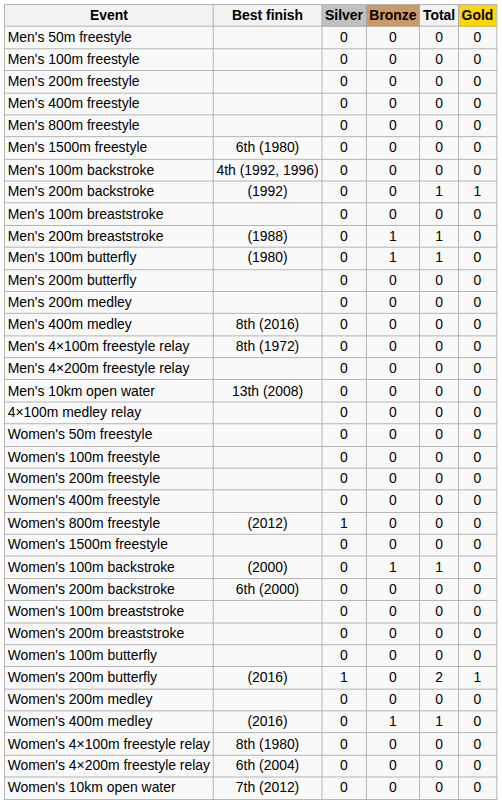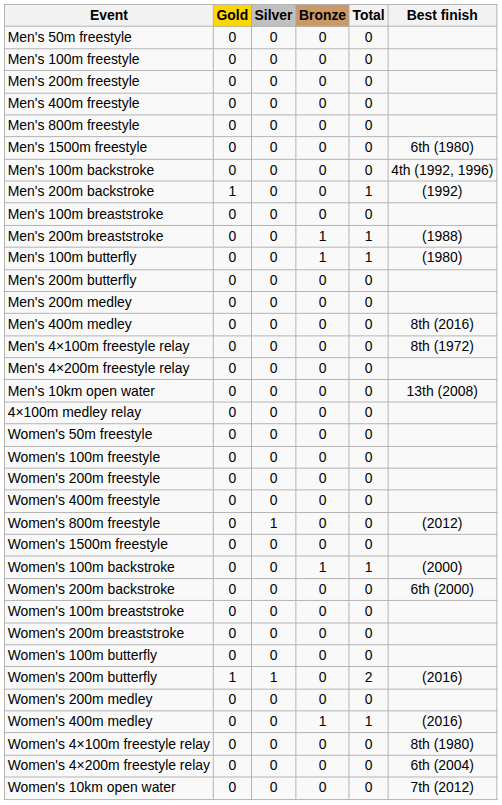 <table class="wikitable sortable" style="text-align:center">
 <tr>
 <th>Event</th>
-<th>Best finish</th>
+<th style="background-color:gold;">Gold</th>
 <th style="background-color:silver;">Silver</th>
 <th style="background-color:#c96;">Bronze</th>
 <th>Total</th>
-<th style="background-color:gold;">Gold</th>
+<th>Best finish</th>
 </tr>
 <tr>
 <td align=left>Men's 50m freestyle</td>
-<td></td>
 <td>0</td>
 <td>0</td>
 <td>0</td>
 <td>0</td>
+<td></td>
 </tr>
 <tr>
 <td align=left>Men's 100m freestyle</td>
-<td></td>
 <td>0</td>
 <td>0</td>
 <td>0</td>
 <td>0</td>
+<td></td>
 </tr>
 <tr>
 <td align=left>Men's 200m freestyle</td>
-<td></td>
 <td>0</td>
 <td>0</td>
 <td>0</td>
 <td>0</td>
+<td></td>
 </tr>
 <tr>
 <td align=left>Men's 400m freestyle</td>
-<td></td>
 <td>0</td>
 <td>0</td>
 <td>0</td>
 <td>0</td>
+<td></td>
 </tr>
 <tr>
 <td align=left>Men's 800m freestyle</td>
-<td></td>
 <td>0</td>
 <td>0</td>
 <td>0</td>
 <td>0</td>
+<td></td>
 </tr>
 <tr>
 <td align=left>Men's 1500m freestyle</td>
-<td>6th (1980)</td>
 <td>0</td>
 <td>0</td>
 <td>0</td>
 <td>0</td>
+<td>6th (1980)</td>
 </tr>
 <tr>
 <td align=left>Men's 100m backstroke</td>
-<td>4th (1992, 1996)</td>
 <td>0</td>
 <td>0</td>
 <td>0</td>
 <td>0</td>
+<td>4th (1992, 1996)</td>
 </tr>
 <tr>
 <td align=left>Men's 200m backstroke</td>
+<td>1</td>
+<td>0</td>
+<td>0</td>
+<td>1</td>
 <td> (1992)</td>
+</tr>
+<tr>
+<td align=left>Men's 100m breaststroke</td>
+<td>0</td>
+<td>0</td>
+<td>0</td>
+<td>0</td>
+<td></td>
+</tr>
+<tr>
+<td align=left>Men's 200m breaststroke</td>
 <td>0</td>
 <td>0</td>
 <td>1</td>
 <td>1</td>
+<td> (1988)</td>
 </tr>
 <tr>
-<td align=left>Men's 100m breaststroke</td>
-<td></td>
+<td align=left>Men's 100m butterfly</td>
+<td>0</td>
+<td>0</td>
+<td>1</td>
+<td>1</td>
+<td> (1980)</td>
+</tr>
+<tr>
+<td align=left>Men's 200m butterfly</td>
 <td>0</td>
 <td>0</td>
 <td>0</td>
 <td>0</td>
+<td></td>
 </tr>
 <tr>
-<td align=left>Men's 200m breaststroke</td>
-<td> (1988)</td>
-<td>0</td>
-<td>1</td>
-<td>1</td>
-<td>0</td>
-</tr>
-<tr>
-<td align=left>Men's 100m butterfly</td>
-<td> (1980)</td>
-<td>0</td>
-<td>1</td>
-<td>1</td>
-<td>0</td>
-</tr>
-<tr>
-<td align=left>Men's 200m butterfly</td>
-<td></td>
+<td align=left>Men's 200m medley</td>
 <td>0</td>
 <td>0</td>
 <td>0</td>
 <td>0</td>
+<td></td>
 </tr>
 <tr>
-<td align=left>Men's 200m medley</td>
-<td></td>
+<td align=left>Men's 400m medley</td>
 <td>0</td>
 <td>0</td>
 <td>0</td>
 <td>0</td>
+<td>8th (2016)</td>
 </tr>
 <tr>
-<td align=left>Men's 400m medley</td>
-<td>8th (2016)</td>
+<td align=left>Men's 4×100m freestyle relay</td>
 <td>0</td>
 <td>0</td>
 <td>0</td>
 <td>0</td>
+<td>8th (1972)</td>
 </tr>
 <tr>
-<td align=left>Men's 4×100m freestyle relay</td>
-<td>8th (1972)</td>
+<td align=left>Men's  4×200m freestyle relay</td>
 <td>0</td>
 <td>0</td>
 <td>0</td>
 <td>0</td>
+<td></td>
 </tr>
 <tr>
-<td align=left>Men's  4×200m freestyle relay</td>
-<td></td>
+<td align=left>Men's 10km open water</td>
 <td>0</td>
 <td>0</td>
 <td>0</td>
 <td>0</td>
+<td>13th (2008)</td>
 </tr>
 <tr>
-<td align=left>Men's 10km open water</td>
-<td>13th (2008)</td>
+<td align=left>4×100m medley relay</td>
 <td>0</td>
 <td>0</td>
 <td>0</td>
 <td>0</td>
+<td></td>
 </tr>
 <tr>
-<td align=left>4×100m medley relay</td>
-<td></td>
+<td align=left>Women's 50m freestyle</td>
 <td>0</td>
 <td>0</td>
 <td>0</td>
 <td>0</td>
+<td></td>
 </tr>
 <tr>
-<td align=left>Women's 50m freestyle</td>
-<td></td>
+<td align=left>Women's 100m freestyle</td>
 <td>0</td>
 <td>0</td>
 <td>0</td>
 <td>0</td>
+<td></td>
 </tr>
 <tr>
-<td align=left>Women's 100m freestyle</td>
-<td></td>
+<td align=left>Women's 200m freestyle</td>
 <td>0</td>
 <td>0</td>
 <td>0</td>
 <td>0</td>
+<td></td>
 </tr>
 <tr>
-<td align=left>Women's 200m freestyle</td>
-<td></td>
+<td align=left>Women's 400m freestyle</td>
 <td>0</td>
 <td>0</td>
 <td>0</td>
 <td>0</td>
+<td></td>
 </tr>
 <tr>
-<td align=left>Women's 400m freestyle</td>
-<td></td>
+<td align=left>Women's 800m freestyle</td>
+<td>0</td>
+<td>1</td>
+<td>0</td>
+<td>0</td>
+<td> (2012)</td>
+</tr>
+<tr>
+<td align=left>Women's 1500m freestyle</td>
 <td>0</td>
 <td>0</td>
 <td>0</td>
 <td>0</td>
+<td></td>
 </tr>
 <tr>
-<td align=left>Women's 800m freestyle</td>
-<td> (2012)</td>
-<td>1</td>
+<td align=left>Women's 100m backstroke</td>
 <td>0</td>
 <td>0</td>
-<td>0</td>
+<td>1</td>
+<td>1</td>
+<td> (2000)</td>
 </tr>
 <tr>
-<td align=left>Women's 1500m freestyle</td>
-<td></td>
+<td align=left>Women's 200m backstroke</td>
 <td>0</td>
 <td>0</td>
 <td>0</td>
 <td>0</td>
+<td>6th (2000)</td>
 </tr>
 <tr>
-<td align=left>Women's 100m backstroke</td>
-<td> (2000)</td>
-<td>0</td>
-<td>1</td>
-<td>1</td>
-<td>0</td>
-</tr>
-<tr>
-<td align=left>Women's 200m backstroke</td>
-<td>6th (2000)</td>
+<td align=left>Women's 100m breaststroke</td>
 <td>0</td>
 <td>0</td>
 <td>0</td>
 <td>0</td>
+<td></td>
 </tr>
 <tr>
-<td align=left>Women's 100m breaststroke</td>
-<td></td>
+<td align=left>Women's 200m breaststroke</td>
 <td>0</td>
 <td>0</td>
 <td>0</td>
 <td>0</td>
+<td></td>
 </tr>
 <tr>
-<td align=left>Women's 200m breaststroke</td>
-<td></td>
+<td align=left>Women's 100m butterfly</td>
 <td>0</td>
 <td>0</td>
 <td>0</td>
 <td>0</td>
+<td></td>
 </tr>
 <tr>
-<td align=left>Women's 100m butterfly</td>
-<td></td>
+<td align=left>Women's 200m butterfly</td>
+<td>1</td>
+<td>1</td>
+<td>0</td>
+<td>2</td>
+<td> (2016)</td>
+</tr>
+<tr>
+<td align=left>Women's 200m medley</td>
 <td>0</td>
 <td>0</td>
 <td>0</td>
 <td>0</td>
+<td></td>
 </tr>
 <tr>
-<td align=left>Women's 200m butterfly</td>
+<td align=left>Women's 400m medley</td>
+<td>0</td>
+<td>0</td>
+<td>1</td>
+<td>1</td>
 <td> (2016)</td>
-<td>1</td>
-<td>0</td>
-<td>2</td>
-<td>1</td>
 </tr>
 <tr>
-<td align=left>Women's 200m medley</td>
-<td></td>
+<td align=left>Women's 4×100m freestyle relay</td>
 <td>0</td>
 <td>0</td>
 <td>0</td>
 <td>0</td>
+<td>8th (1980)</td>
 </tr>
 <tr>
-<td align=left>Women's 400m medley</td>
-<td> (2016)</td>
-<td>0</td>
-<td>1</td>
-<td>1</td>
-<td>0</td>
-</tr>
-<tr>
-<td align=left>Women's 4×100m freestyle relay</td>
-<td>8th (1980)</td>
+<td align=left>Women's 4×200m freestyle relay</td>
 <td>0</td>
 <td>0</td>
 <td>0</td>
 <td>0</td>
+<td>6th (2004)</td>
 </tr>
 <tr>
-<td align=left>Women's 4×200m freestyle relay</td>
-<td>6th (2004)</td>
+<td align=left>Women's 10km open water</td>
 <td>0</td>
 <td>0</td>
 <td>0</td>
 <td>0</td>
-</tr>
-<tr>
-<td align=left>Women's 10km open water</td>
 <td>7th (2012)</td>
-<td>0</td>
-<td>0</td>
-<td>0</td>
-<td>0</td>
 </tr>
 </table>
